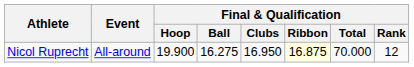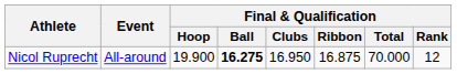 <table class="wikitable" style="text-align:center; font-size:90%">
 <tr>
 <th rowspan=2>Athlete</th>
 <th rowspan=2>Event</th>
 <th colspan=6>Final & Qualification</th>
 </tr>
 <tr style="font-size:95%">
 <th>Hoop</th>
 <th>Ball</th>
 <th>Clubs</th>
 <th>Ribbon</th>
 <th>Total</th>
 <th>Rank</th>
 </tr>
 <tr>
 <td rowspan=5 align=left><a href='#'>Nicol Ruprecht</a></td>
 <td align=left><a href='#'>All-around</a></td>
 <td>19.900</td>
-<td>16.275</td>
+<td><strong>16.275</strong></td>
 <td>16.950</td>
-<td style="background: lightyellow;">16.875</td>
+<td>16.875</td>
 <td>70.000</td>
 <td>12</td>
 </tr>
 </table>
